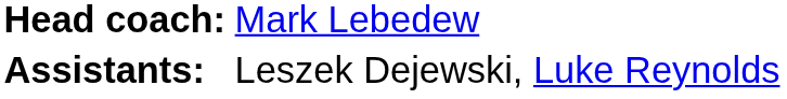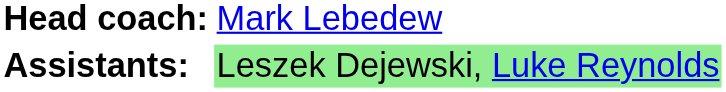 <table>
 <tr>
 <td><strong>Head coach:</strong></td>
 <td> <a href='#'>Mark Lebedew</a></td>
 </tr>
 <tr>
 <td><strong>Assistants:</strong></td>
-<td> Leszek Dejewski,  <a href='#'>Luke Reynolds</a></td>
+<td style="background: lightgreen;"> Leszek Dejewski,  <a href='#'>Luke Reynolds</a></td>
 </tr>
 <tr>
 </tr>
 </table>
